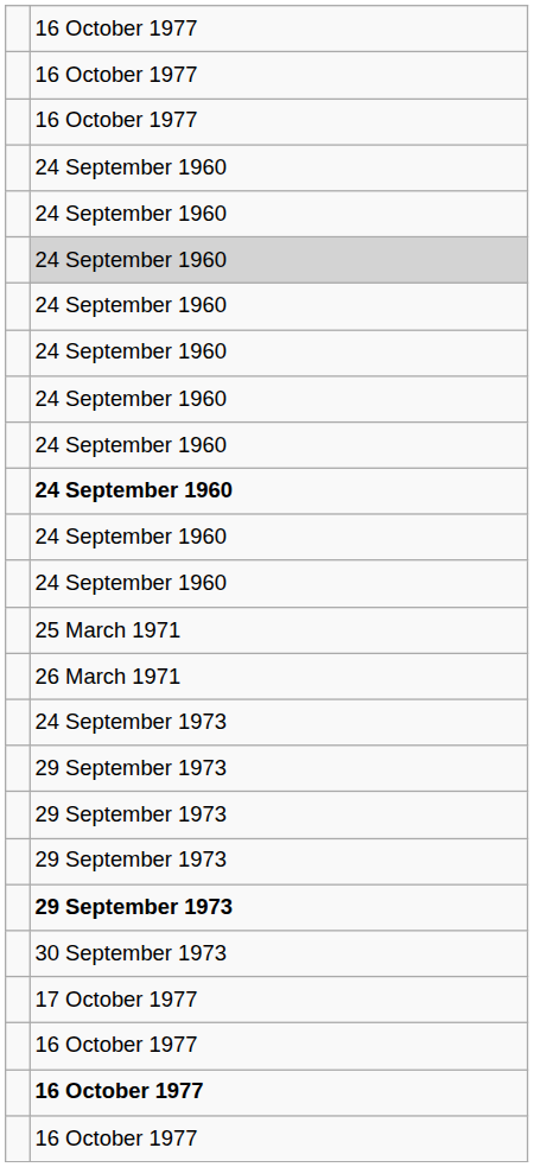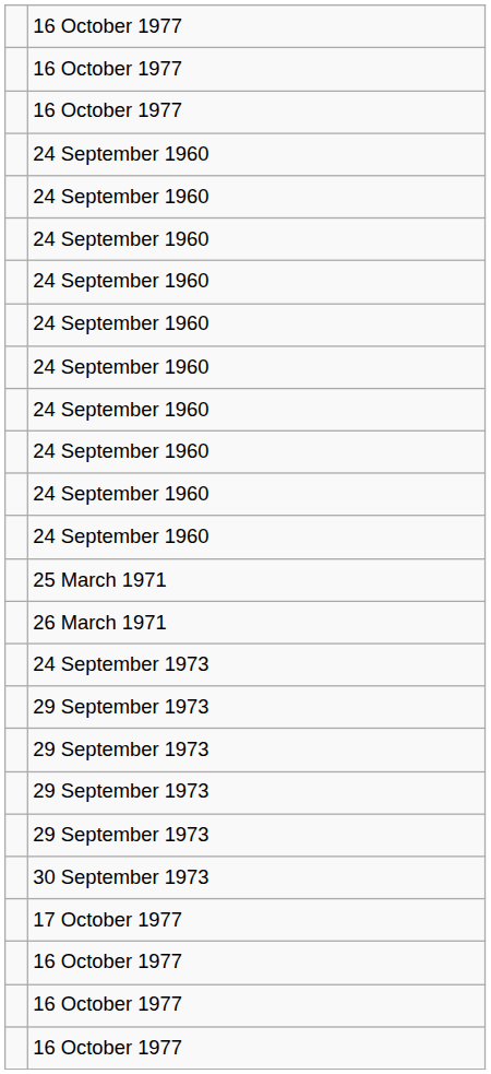 <table class="wikitable" style="font-size: 89%; float: left; width: 24em; margin-right: 1em; line-height: 1.65em">
 <tr>
 <td></td>
 <td>16 October 1977</td>
 </tr>
 <tr>
 <td></td>
 <td>16 October 1977</td>
 </tr>
 <tr>
 <td></td>
 <td>16 October 1977</td>
 </tr>
 <tr>
 <td></td>
 <td>24 September 1960</td>
 </tr>
 <tr>
 <td></td>
 <td>24 September 1960</td>
 </tr>
 <tr>
 <td></td>
-<td style="background: lightgrey;">24 September 1960</td>
+<td>24 September 1960</td>
 </tr>
 <tr>
 <td></td>
 <td>24 September 1960</td>
 </tr>
 <tr>
 <td></td>
 <td>24 September 1960</td>
 </tr>
 <tr>
 <td></td>
 <td>24 September 1960</td>
 </tr>
 <tr>
 <td></td>
 <td>24 September 1960</td>
 </tr>
 <tr>
 <td></td>
-<td><strong>24 September 1960</strong></td>
+<td>24 September 1960</td>
 </tr>
 <tr>
 <td></td>
 <td>24 September 1960</td>
 </tr>
 <tr>
 <td></td>
 <td>24 September 1960</td>
 </tr>
 <tr>
 <td></td>
 <td>25 March 1971</td>
 </tr>
 <tr>
 <td></td>
 <td>26 March 1971</td>
 </tr>
 <tr>
 <td></td>
 <td>24 September 1973</td>
 </tr>
 <tr>
 <td></td>
 <td>29 September 1973</td>
 </tr>
 <tr>
 <td></td>
 <td>29 September 1973</td>
 </tr>
 <tr>
 <td></td>
 <td>29 September 1973</td>
 </tr>
 <tr>
 <td></td>
-<td><strong>29 September 1973</strong></td>
+<td>29 September 1973</td>
 </tr>
 <tr>
 <td></td>
 <td>30 September 1973</td>
 </tr>
 <tr>
 <td></td>
 <td>17 October 1977</td>
 </tr>
 <tr>
 <td></td>
 <td>16 October 1977</td>
 </tr>
 <tr>
 <td></td>
-<td><strong>16 October 1977</strong></td>
+<td>16 October 1977</td>
 </tr>
 <tr>
 <td></td>
 <td>16 October 1977</td>
 </tr>
 </table>
